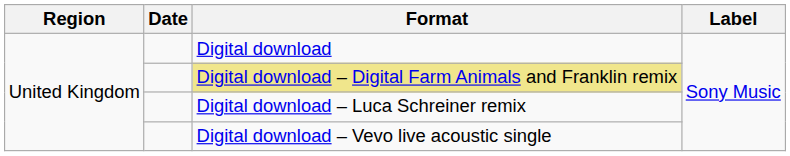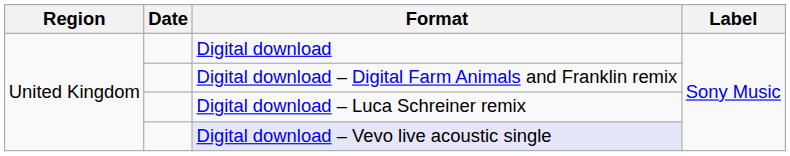 <table class=wikitable>
 <tr>
 <th>Region</th>
 <th>Date</th>
 <th>Format</th>
 <th>Label</th>
 </tr>
 <tr>
 <td rowspan="4">United Kingdom</td>
 <td></td>
 <td><a href='#'>Digital download</a></td>
 <td rowspan="4"><a href='#'>Sony Music</a></td>
 </tr>
 <tr>
 <td></td>
-<td style="background: khaki;"><a href='#'>Digital download</a> – <a href='#'>Digital Farm Animals</a> and Franklin remix</td>
+<td><a href='#'>Digital download</a> – <a href='#'>Digital Farm Animals</a> and Franklin remix</td>
 </tr>
 <tr>
 <td></td>
 <td><a href='#'>Digital download</a> – Luca Schreiner remix</td>
 </tr>
 <tr>
 <td></td>
-<td><a href='#'>Digital download</a> – Vevo live acoustic single</td>
+<td style="background: lavender;"><a href='#'>Digital download</a> – Vevo live acoustic single</td>
 </tr>
 </table>
